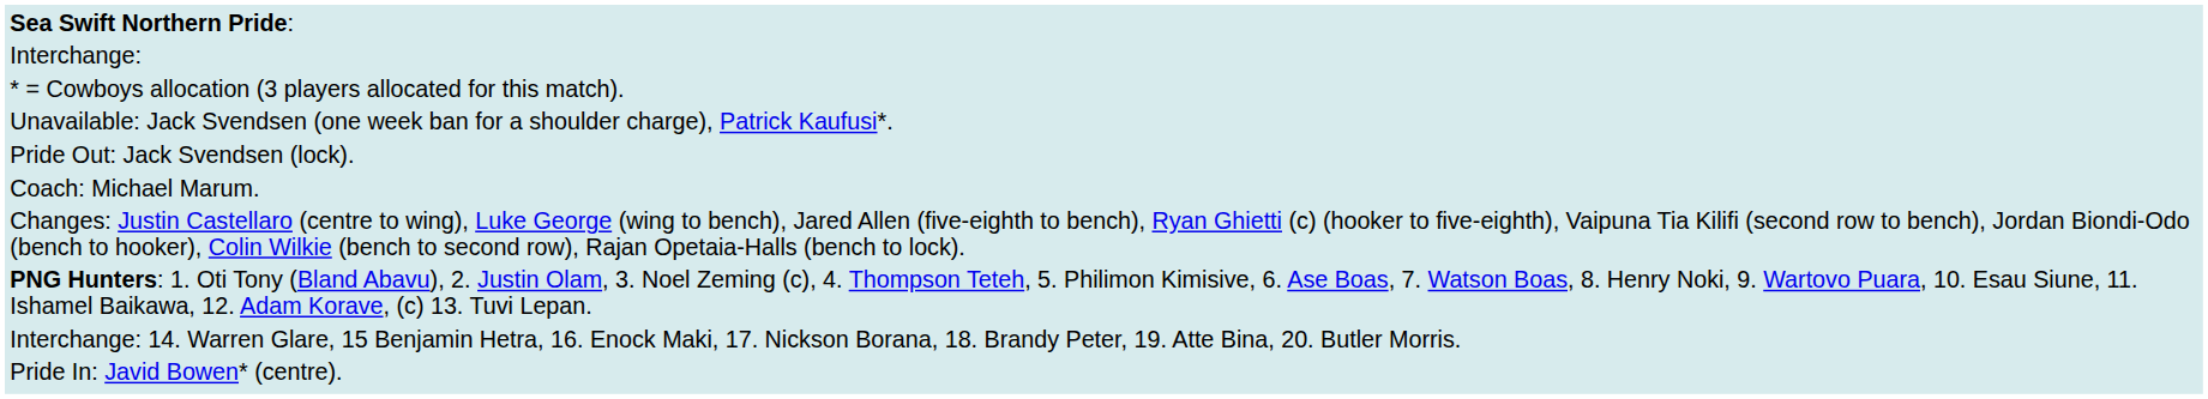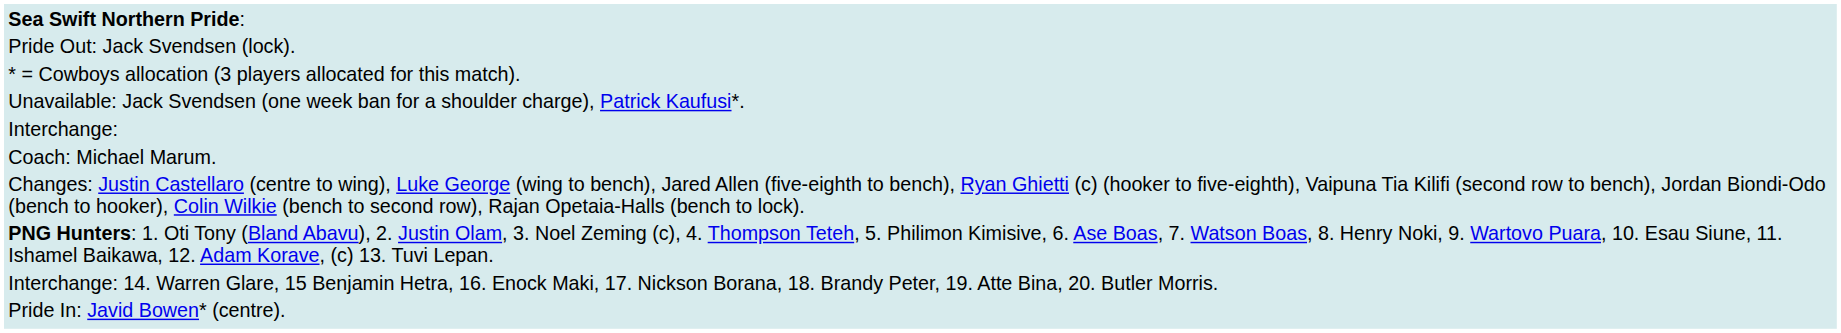 <table style="background:#d7ebed; font-size:85%; width:100%;">
 <tr>
 <td><strong>Sea Swift Northern Pride</strong>:             </td>
 </tr>
 <tr>
-<td>Interchange:    </td>
+<td>Pride Out: Jack Svendsen (lock).</td>
 </tr>
 <tr>
 <td>* = Cowboys allocation (3 players allocated for this match).</td>
 </tr>
 <tr>
 <td>Unavailable: Jack Svendsen (one week ban for a shoulder charge), <a href='#'>Patrick Kaufusi</a>*.</td>
 </tr>
 <tr>
-<td>Pride Out: Jack Svendsen (lock).</td>
+<td>Interchange:    </td>
 </tr>
 <tr>
 <td>Coach: Michael Marum.</td>
 </tr>
 <tr>
 <td>Changes: <a href='#'>Justin Castellaro</a> (centre to wing), <a href='#'>Luke George</a> (wing to bench), Jared Allen (five-eighth to bench), <a href='#'>Ryan Ghietti</a> (c) (hooker to five-eighth), Vaipuna Tia Kilifi (second row to bench), Jordan Biondi-Odo (bench to hooker), <a href='#'>Colin Wilkie</a> (bench to second row), Rajan Opetaia-Halls (bench to lock).</td>
 </tr>
 <tr>
 <td><strong>PNG Hunters</strong>: 1. Oti Tony (<a href='#'>Bland Abavu</a>), 2. <a href='#'>Justin Olam</a>, 3. Noel Zeming (c), 4. <a href='#'>Thompson Teteh</a>, 5. Philimon Kimisive, 6. <a href='#'>Ase Boas</a>, 7. <a href='#'>Watson Boas</a>, 8. Henry Noki, 9. <a href='#'>Wartovo Puara</a>, 10. Esau Siune, 11. Ishamel Baikawa, 12. <a href='#'>Adam Korave</a>, (c) 13. Tuvi Lepan.</td>
 </tr>
 <tr>
 <td>Interchange: 14. Warren Glare, 15 Benjamin Hetra, 16. Enock Maki, 17. Nickson Borana, 18. Brandy Peter, 19. Atte Bina, 20. Butler Morris.</td>
 </tr>
 <tr>
 <td>Pride In: <a href='#'>Javid Bowen</a>* (centre).</td>
 </tr>
 <tr>
 </tr>
 </table>
